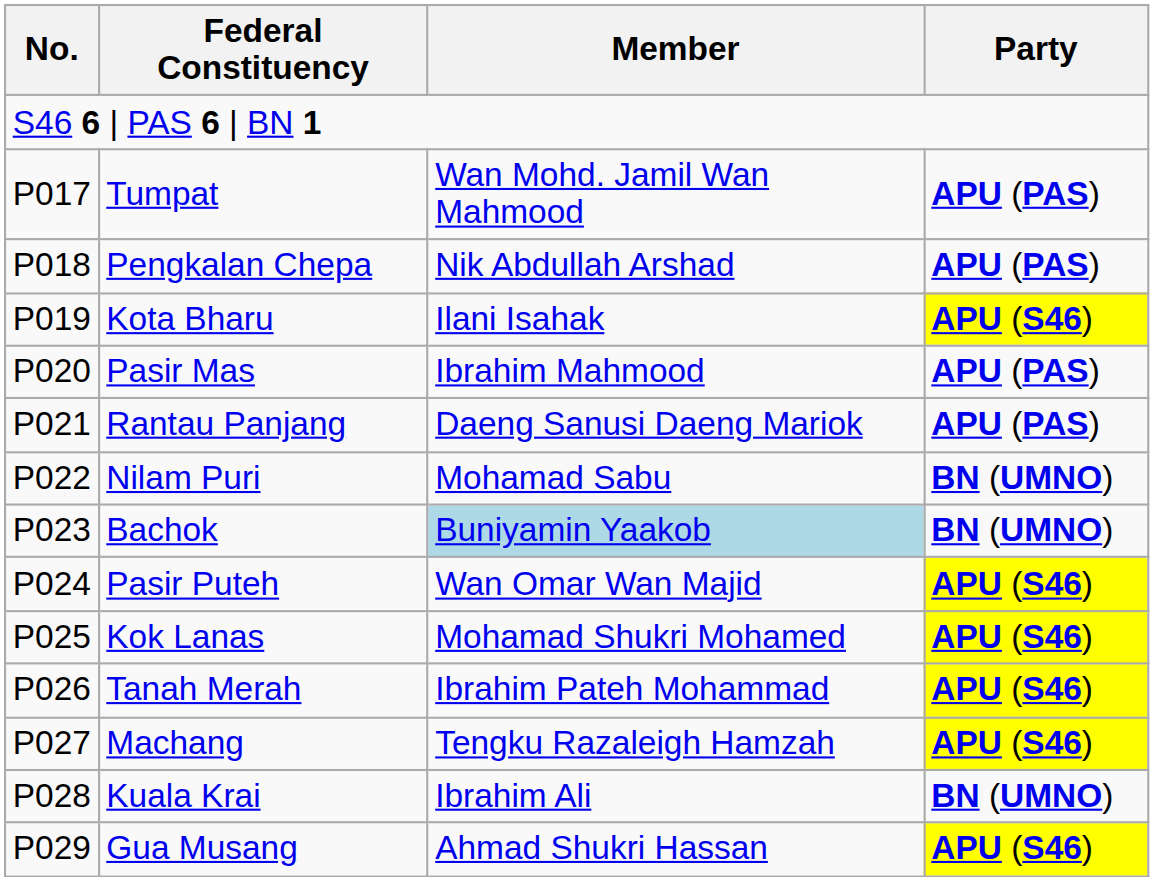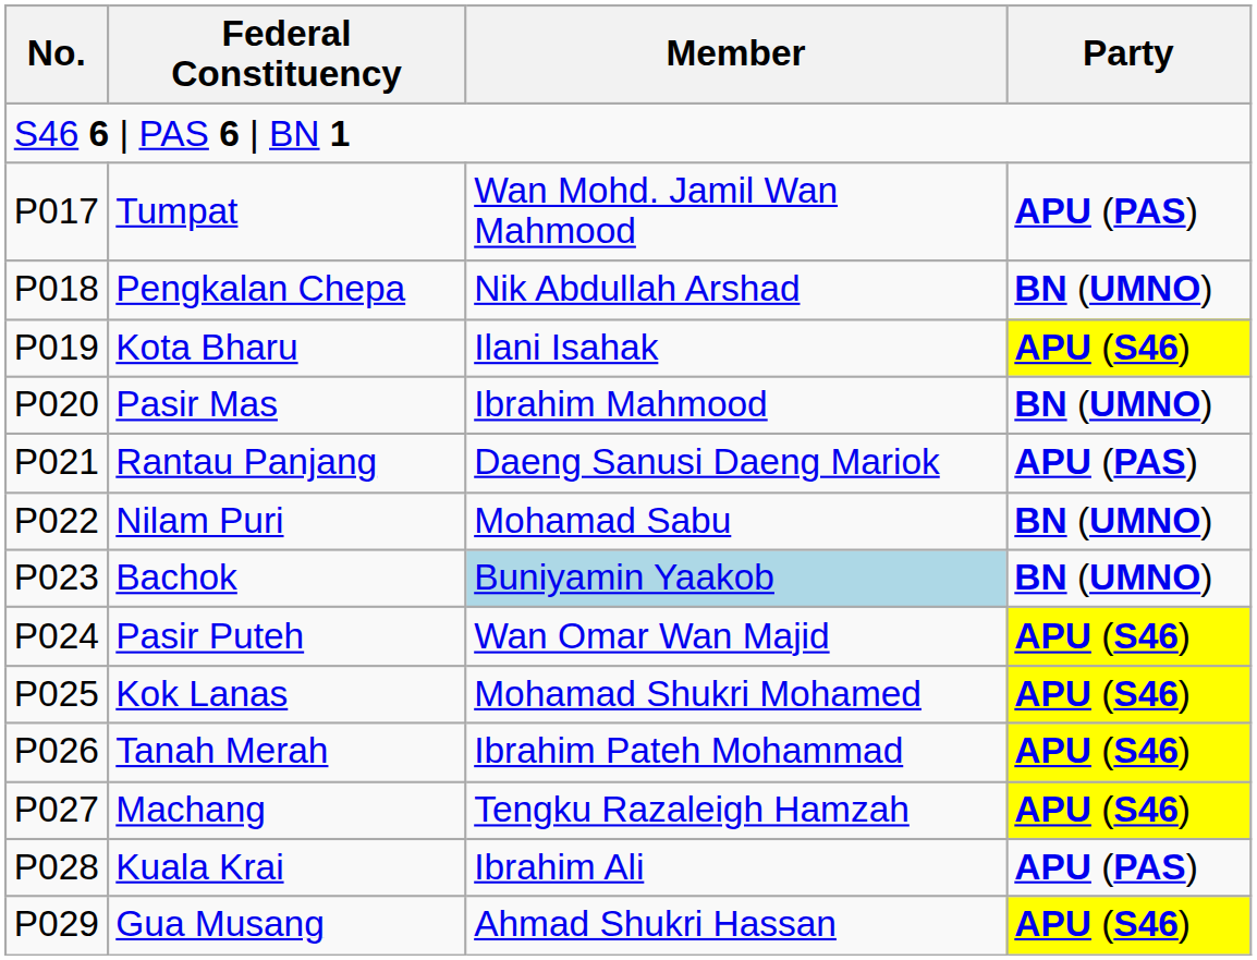 <table class="wikitable sortable">
 <tr>
 <th style="width:30px;">No.</th>
 <th style="width:150px;">Federal Constituency</th>
 <th style="width:230px;">Member</th>
 <th style="width:100px;">Party</th>
 </tr>
 <tr>
 <td colspan="4"><a href='#'>S46</a> <strong>6</strong> | <a href='#'>PAS</a> <strong>6</strong> | <a href='#'>BN</a> <strong>1</strong></td>
 </tr>
 <tr>
 <td>P017</td>
 <td><a href='#'>Tumpat</a></td>
 <td><a href='#'>Wan Mohd. Jamil Wan Mahmood</a></td>
 <td><strong><a href='#'>APU</a></strong> (<strong><a href='#'>PAS</a></strong>)</td>
 </tr>
 <tr>
 <td>P018</td>
 <td><a href='#'>Pengkalan Chepa</a></td>
 <td><a href='#'>Nik Abdullah Arshad</a></td>
-<td><strong><a href='#'>APU</a></strong> (<strong><a href='#'>PAS</a></strong>)</td>
+<td><strong><a href='#'>BN</a></strong> (<strong><a href='#'>UMNO</a></strong>)</td>
 </tr>
 <tr>
 <td>P019</td>
 <td><a href='#'>Kota Bharu</a></td>
 <td><a href='#'>Ilani Isahak</a></td>
 <td bgcolor="yellow"><strong><a href='#'>APU</a></strong> (<strong><a href='#'>S46</a></strong>)</td>
 </tr>
 <tr>
 <td>P020</td>
 <td><a href='#'>Pasir Mas</a></td>
 <td><a href='#'>Ibrahim Mahmood</a></td>
-<td><strong><a href='#'>APU</a></strong> (<strong><a href='#'>PAS</a></strong>)</td>
+<td><strong><a href='#'>BN</a></strong> (<strong><a href='#'>UMNO</a></strong>)</td>
 </tr>
 <tr>
 <td>P021</td>
 <td><a href='#'>Rantau Panjang</a></td>
 <td><a href='#'>Daeng Sanusi Daeng Mariok</a></td>
 <td><strong><a href='#'>APU</a></strong> (<strong><a href='#'>PAS</a></strong>)</td>
 </tr>
 <tr>
 <td>P022</td>
 <td><a href='#'>Nilam Puri</a></td>
 <td><a href='#'>Mohamad Sabu</a></td>
 <td><strong><a href='#'>BN</a></strong> (<strong><a href='#'>UMNO</a></strong>)</td>
 </tr>
 <tr>
 <td>P023</td>
 <td><a href='#'>Bachok</a></td>
 <td style="background: lightblue;"><a href='#'>Buniyamin Yaakob</a></td>
 <td><strong><a href='#'>BN</a></strong> (<strong><a href='#'>UMNO</a></strong>)</td>
 </tr>
 <tr>
 <td>P024</td>
 <td><a href='#'>Pasir Puteh</a></td>
 <td><a href='#'>Wan Omar Wan Majid</a></td>
 <td bgcolor="yellow"><strong><a href='#'>APU</a></strong> (<strong><a href='#'>S46</a></strong>)</td>
 </tr>
 <tr>
 <td>P025</td>
 <td><a href='#'>Kok Lanas</a></td>
 <td><a href='#'>Mohamad Shukri Mohamed</a></td>
 <td bgcolor="yellow"><strong><a href='#'>APU</a></strong> (<strong><a href='#'>S46</a></strong>)</td>
 </tr>
 <tr>
 <td>P026</td>
 <td><a href='#'>Tanah Merah</a></td>
 <td><a href='#'>Ibrahim Pateh Mohammad</a></td>
 <td bgcolor="yellow"><strong><a href='#'>APU</a></strong> (<strong><a href='#'>S46</a></strong>)</td>
 </tr>
 <tr>
 <td>P027</td>
 <td><a href='#'>Machang</a></td>
 <td><a href='#'>Tengku Razaleigh Hamzah</a></td>
 <td bgcolor="yellow"><strong><a href='#'>APU</a></strong> (<strong><a href='#'>S46</a></strong>)</td>
 </tr>
 <tr>
 <td>P028</td>
 <td><a href='#'>Kuala Krai</a></td>
 <td><a href='#'>Ibrahim Ali</a></td>
-<td><strong><a href='#'>BN</a></strong> (<strong><a href='#'>UMNO</a></strong>)</td>
+<td><strong><a href='#'>APU</a></strong> (<strong><a href='#'>PAS</a></strong>)</td>
 </tr>
 <tr>
 <td>P029</td>
 <td><a href='#'>Gua Musang</a></td>
 <td><a href='#'>Ahmad Shukri Hassan</a></td>
 <td bgcolor="yellow"><strong><a href='#'>APU</a></strong> (<strong><a href='#'>S46</a></strong>)</td>
 </tr>
 </table>
